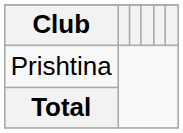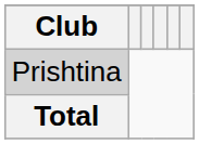 <table class="wikitable floatright">
 <tr>
 </tr>
 <tr>
 <th>Club</th>
 <th></th>
 <th></th>
 <th></th>
 <th></th>
 <th></th>
 </tr>
 <tr>
-<td>Prishtina<br></td>
+<td style="background: lightgrey;">Prishtina<br></td>
 </tr>
 <tr>
 <th>Total<br></th>
 </tr>
 </table>
